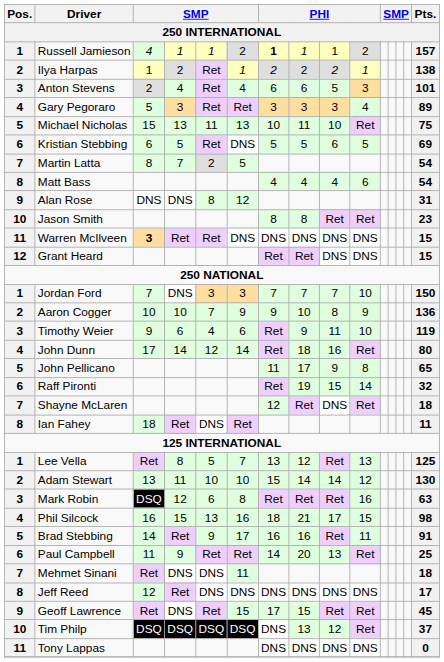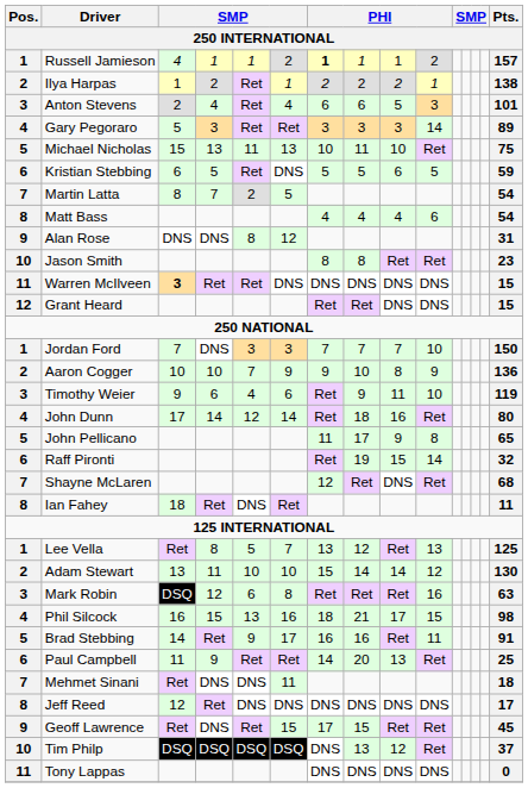 <table class="wikitable" style="font-size: 85%; text-align: center;">
 <tr>
 <th>Pos.</th>
 <th>Driver</th>
 <th colspan="4"><a href='#'>SMP</a><br></th>
 <th colspan="4"><a href='#'>PHI</a><br></th>
 <th colspan="4"><a href='#'>SMP</a><br></th>
 <th>Pts.</th>
 </tr>
 <tr>
 <th colspan=15><strong>250 INTERNATIONAL</strong></th>
 </tr>
 <tr>
 <th>1</th>
 <td align="left">Russell Jamieson</td>
 <td style="background:#dfffdf;"><em>4</em></td>
 <td style="background:#ffffbf;"><em>1</em></td>
 <td style="background:#ffffbf;"><em>1</em></td>
 <td style="background:#dfdfdf;">2</td>
 <td style="background:#ffffbf;"><strong>1</strong></td>
 <td style="background:#ffffbf;"><em>1</em></td>
 <td style="background:#ffffbf;">1</td>
 <td style="background:#dfdfdf;">2</td>
 <td></td>
 <td></td>
 <td></td>
 <td></td>
 <th>157</th>
 </tr>
 <tr>
 <th>2</th>
 <td align="left">Ilya Harpas</td>
 <td style="background:#ffffbf;">1</td>
 <td style="background:#dfdfdf;">2</td>
 <td style="background:#efcfff;">Ret</td>
 <td style="background:#ffffbf;"><em>1</em></td>
 <td style="background:#dfdfdf;"><em>2</em></td>
 <td style="background:#dfdfdf;">2</td>
 <td style="background:#dfdfdf;"><em>2</em></td>
 <td style="background:#ffffbf;"><em>1</em></td>
 <td></td>
 <td></td>
 <td></td>
 <td></td>
 <th>138</th>
 </tr>
 <tr>
 <th>3</th>
 <td align="left">Anton Stevens</td>
 <td style="background:#dfdfdf;">2</td>
 <td style="background:#dfffdf;">4</td>
 <td style="background:#efcfff;">Ret</td>
 <td style="background:#dfffdf;">4</td>
 <td style="background:#dfffdf;">6</td>
 <td style="background:#dfffdf;">6</td>
 <td style="background:#dfffdf;">5</td>
 <td style="background:#ffdf9f;">3</td>
 <td></td>
 <td></td>
 <td></td>
 <td></td>
 <th>101</th>
 </tr>
 <tr>
 <th>4</th>
 <td align="left">Gary Pegoraro</td>
 <td style="background:#dfffdf;">5</td>
 <td style="background:#ffdf9f;">3</td>
 <td style="background:#efcfff;">Ret</td>
 <td style="background:#efcfff;">Ret</td>
 <td style="background:#ffdf9f;">3</td>
 <td style="background:#ffdf9f;">3</td>
 <td style="background:#ffdf9f;">3</td>
-<td style="background:#dfffdf;">4</td>
+<td style="background:#dfffdf;">14</td>
 <td></td>
 <td></td>
 <td></td>
 <td></td>
 <th>89</th>
 </tr>
 <tr>
 <th>5</th>
 <td align="left">Michael Nicholas</td>
 <td style="background:#dfffdf;">15</td>
 <td style="background:#dfffdf;">13</td>
 <td style="background:#dfffdf;">11</td>
 <td style="background:#dfffdf;">13</td>
 <td style="background:#dfffdf;">10</td>
 <td style="background:#dfffdf;">11</td>
 <td style="background:#dfffdf;">10</td>
 <td style="background:#efcfff;">Ret</td>
 <td></td>
 <td></td>
 <td></td>
 <td></td>
 <th>75</th>
 </tr>
 <tr>
 <th>6</th>
 <td align="left">Kristian Stebbing</td>
 <td style="background:#dfffdf;">6</td>
 <td style="background:#dfffdf;">5</td>
 <td style="background:#efcfff;">Ret</td>
 <td style="background:#ffffff;">DNS</td>
 <td style="background:#dfffdf;">5</td>
 <td style="background:#dfffdf;">5</td>
 <td style="background:#dfffdf;">6</td>
 <td style="background:#dfffdf;">5</td>
 <td></td>
 <td></td>
 <td></td>
 <td></td>
-<th>69</th>
+<th>59</th>
 </tr>
 <tr>
 <th>7</th>
 <td align="left">Martin Latta</td>
 <td style="background:#dfffdf;">8</td>
 <td style="background:#dfffdf;">7</td>
 <td style="background:#dfdfdf;">2</td>
 <td style="background:#dfffdf;">5</td>
 <td></td>
 <td></td>
 <td></td>
 <td></td>
 <td></td>
 <td></td>
 <td></td>
 <td></td>
 <th>54</th>
 </tr>
 <tr>
 <th>8</th>
 <td align="left">Matt Bass</td>
 <td></td>
 <td></td>
 <td></td>
 <td></td>
 <td style="background:#dfffdf;">4</td>
 <td style="background:#dfffdf;">4</td>
 <td style="background:#dfffdf;">4</td>
 <td style="background:#dfffdf;">6</td>
 <td></td>
 <td></td>
 <td></td>
 <td></td>
 <th>54</th>
 </tr>
 <tr>
 <th>9</th>
 <td align="left">Alan Rose</td>
 <td style="background:#ffffff;">DNS</td>
 <td style="background:#ffffff;">DNS</td>
 <td style="background:#dfffdf;">8</td>
 <td style="background:#dfffdf;">12</td>
 <td></td>
 <td></td>
 <td></td>
 <td></td>
 <td></td>
 <td></td>
 <td></td>
 <td></td>
 <th>31</th>
 </tr>
 <tr>
 <th>10</th>
 <td align="left">Jason Smith</td>
 <td></td>
 <td></td>
 <td></td>
 <td></td>
 <td style="background:#dfffdf;">8</td>
 <td style="background:#dfffdf;">8</td>
 <td style="background:#efcfff;">Ret</td>
 <td style="background:#efcfff;">Ret</td>
 <td></td>
 <td></td>
 <td></td>
 <td></td>
 <th>23</th>
 </tr>
 <tr>
 <th>11</th>
 <td align="left">Warren McIlveen</td>
 <td style="background:#ffdf9f;"><strong>3</strong></td>
 <td style="background:#efcfff;">Ret</td>
 <td style="background:#efcfff;">Ret</td>
 <td style="background:#ffffff;">DNS</td>
 <td style="background:#ffffff;">DNS</td>
 <td style="background:#ffffff;">DNS</td>
 <td style="background:#ffffff;">DNS</td>
 <td style="background:#ffffff;">DNS</td>
 <td></td>
 <td></td>
 <td></td>
 <td></td>
 <th>15</th>
 </tr>
 <tr>
 <th>12</th>
 <td align="left">Grant Heard</td>
 <td></td>
 <td></td>
 <td></td>
 <td></td>
 <td style="background:#efcfff;">Ret</td>
 <td style="background:#efcfff;">Ret</td>
 <td style="background:#ffffff;">DNS</td>
 <td style="background:#ffffff;">DNS</td>
 <td></td>
 <td></td>
 <td></td>
 <td></td>
 <th>15</th>
 </tr>
 <tr>
 <td colspan=15><strong>250 NATIONAL</strong></td>
 </tr>
 <tr>
 <th>1</th>
 <td align="left">Jordan Ford</td>
 <td style="background:#dfffdf;">7</td>
 <td style="background:#ffffff;">DNS</td>
 <td style="background:#ffdf9f;">3</td>
 <td style="background:#ffdf9f;">3</td>
 <td style="background:#dfffdf;">7</td>
 <td style="background:#dfffdf;">7</td>
 <td style="background:#dfffdf;">7</td>
 <td style="background:#dfffdf;">10</td>
 <td></td>
 <td></td>
 <td></td>
 <td></td>
 <th>150</th>
 </tr>
 <tr>
 <th>2</th>
 <td align="left">Aaron Cogger</td>
 <td style="background:#dfffdf;">10</td>
 <td style="background:#dfffdf;">10</td>
 <td style="background:#dfffdf;">7</td>
 <td style="background:#dfffdf;">9</td>
 <td style="background:#dfffdf;">9</td>
 <td style="background:#dfffdf;">10</td>
 <td style="background:#dfffdf;">8</td>
 <td style="background:#dfffdf;">9</td>
 <td></td>
 <td></td>
 <td></td>
 <td></td>
 <th>136</th>
 </tr>
 <tr>
 <th>3</th>
 <td align="left">Timothy Weier</td>
 <td style="background:#dfffdf;">9</td>
 <td style="background:#dfffdf;">6</td>
 <td style="background:#dfffdf;">4</td>
 <td style="background:#dfffdf;">6</td>
 <td style="background:#efcfff;">Ret</td>
 <td style="background:#dfffdf;">9</td>
 <td style="background:#dfffdf;">11</td>
 <td style="background:#dfffdf;">10</td>
 <td></td>
 <td></td>
 <td></td>
 <td></td>
 <th>119</th>
 </tr>
 <tr>
 <th>4</th>
 <td align="left">John Dunn</td>
 <td style="background:#dfffdf;">17</td>
 <td style="background:#dfffdf;">14</td>
 <td style="background:#dfffdf;">12</td>
 <td style="background:#dfffdf;">14</td>
 <td style="background:#efcfff;">Ret</td>
 <td style="background:#dfffdf;">18</td>
 <td style="background:#dfffdf;">16</td>
 <td style="background:#efcfff;">Ret</td>
 <td></td>
 <td></td>
 <td></td>
 <td></td>
 <th>80</th>
 </tr>
 <tr>
 <th>5</th>
 <td align="left">John Pellicano</td>
 <td></td>
 <td></td>
 <td></td>
 <td></td>
 <td style="background:#dfffdf;">11</td>
 <td style="background:#dfffdf;">17</td>
 <td style="background:#dfffdf;">9</td>
 <td style="background:#dfffdf;">8</td>
 <td></td>
 <td></td>
 <td></td>
 <td></td>
 <th>65</th>
 </tr>
 <tr>
 <th>6</th>
 <td align="left">Raff Pironti</td>
 <td></td>
 <td></td>
 <td></td>
 <td></td>
 <td style="background:#efcfff;">Ret</td>
 <td style="background:#dfffdf;">19</td>
 <td style="background:#dfffdf;">15</td>
 <td style="background:#dfffdf;">14</td>
 <td></td>
 <td></td>
 <td></td>
 <td></td>
 <th>32</th>
 </tr>
 <tr>
 <th>7</th>
 <td align="left">Shayne McLaren</td>
 <td></td>
 <td></td>
 <td></td>
 <td></td>
 <td style="background:#dfffdf;">12</td>
 <td style="background:#efcfff;">Ret</td>
 <td style="background:#ffffff;">DNS</td>
 <td style="background:#efcfff;">Ret</td>
 <td></td>
 <td></td>
 <td></td>
 <td></td>
-<th>18</th>
+<th>68</th>
 </tr>
 <tr>
 <th>8</th>
 <td align="left">Ian Fahey</td>
 <td style="background:#dfffdf;">18</td>
 <td style="background:#efcfff;">Ret</td>
 <td style="background:#ffffff;">DNS</td>
 <td style="background:#efcfff;">Ret</td>
 <td></td>
 <td></td>
 <td></td>
 <td></td>
 <td></td>
 <td></td>
 <td></td>
 <td></td>
 <th>11</th>
 </tr>
 <tr>
 <td colspan=15><strong>125 INTERNATIONAL</strong></td>
 </tr>
 <tr>
 <th>1</th>
 <td align="left">Lee Vella</td>
 <td style="background:#efcfff;">Ret</td>
 <td style="background:#dfffdf;">8</td>
 <td style="background:#dfffdf;">5</td>
 <td style="background:#dfffdf;">7</td>
 <td style="background:#dfffdf;">13</td>
 <td style="background:#dfffdf;">12</td>
 <td style="background:#efcfff;">Ret</td>
 <td style="background:#dfffdf;">13</td>
 <td></td>
 <td></td>
 <td></td>
 <td></td>
 <th>125</th>
 </tr>
 <tr>
 <th>2</th>
 <td align="left">Adam Stewart</td>
 <td style="background:#dfffdf;">13</td>
 <td style="background:#dfffdf;">11</td>
 <td style="background:#dfffdf;">10</td>
 <td style="background:#dfffdf;">10</td>
 <td style="background:#dfffdf;">15</td>
 <td style="background:#dfffdf;">14</td>
 <td style="background:#dfffdf;">14</td>
 <td style="background:#dfffdf;">12</td>
 <td></td>
 <td></td>
 <td></td>
 <td></td>
 <th>130</th>
 </tr>
 <tr>
 <th>3</th>
 <td align="left">Mark Robin</td>
 <td style="background:#000000; color:white;">DSQ</td>
 <td style="background:#dfffdf;">12</td>
 <td style="background:#dfffdf;">6</td>
 <td style="background:#dfffdf;">8</td>
 <td style="background:#efcfff;">Ret</td>
 <td style="background:#efcfff;">Ret</td>
 <td style="background:#efcfff;">Ret</td>
 <td style="background:#dfffdf;">16</td>
 <td></td>
 <td></td>
 <td></td>
 <td></td>
 <th>63</th>
 </tr>
 <tr>
 <th>4</th>
 <td align="left">Phil Silcock</td>
 <td style="background:#dfffdf;">16</td>
 <td style="background:#dfffdf;">15</td>
 <td style="background:#dfffdf;">13</td>
 <td style="background:#dfffdf;">16</td>
 <td style="background:#dfffdf;">18</td>
 <td style="background:#dfffdf;">21</td>
 <td style="background:#dfffdf;">17</td>
 <td style="background:#dfffdf;">15</td>
 <td></td>
 <td></td>
 <td></td>
 <td></td>
 <th>98</th>
 </tr>
 <tr>
 <th>5</th>
 <td align="left">Brad Stebbing</td>
 <td style="background:#dfffdf;">14</td>
 <td style="background:#efcfff;">Ret</td>
 <td style="background:#dfffdf;">9</td>
 <td style="background:#dfffdf;">17</td>
 <td style="background:#dfffdf;">16</td>
 <td style="background:#dfffdf;">16</td>
 <td style="background:#efcfff;">Ret</td>
 <td style="background:#dfffdf;">11</td>
 <td></td>
 <td></td>
 <td></td>
 <td></td>
 <th>91</th>
 </tr>
 <tr>
 <th>6</th>
 <td align="left">Paul Campbell</td>
 <td style="background:#dfffdf;">11</td>
 <td style="background:#dfffdf;">9</td>
 <td style="background:#efcfff;">Ret</td>
 <td style="background:#efcfff;">Ret</td>
 <td style="background:#dfffdf;">14</td>
 <td style="background:#dfffdf;">20</td>
 <td style="background:#dfffdf;">13</td>
 <td style="background:#efcfff;">Ret</td>
 <td></td>
 <td></td>
 <td></td>
 <td></td>
 <th>25</th>
 </tr>
 <tr>
 <th>7</th>
 <td align="left">Mehmet Sinani</td>
 <td style="background:#efcfff;">Ret</td>
 <td style="background:#ffffff;">DNS</td>
 <td style="background:#ffffff;">DNS</td>
 <td style="background:#dfffdf;">11</td>
 <td></td>
 <td></td>
 <td></td>
 <td></td>
 <td></td>
 <td></td>
 <td></td>
 <td></td>
 <th>18</th>
 </tr>
 <tr>
 <th>8</th>
 <td align="left">Jeff Reed</td>
 <td style="background:#dfffdf;">12</td>
 <td style="background:#efcfff;">Ret</td>
 <td style="background:#ffffff;">DNS</td>
 <td style="background:#ffffff;">DNS</td>
 <td style="background:#ffffff;">DNS</td>
 <td style="background:#ffffff;">DNS</td>
 <td style="background:#ffffff;">DNS</td>
 <td style="background:#ffffff;">DNS</td>
 <td></td>
 <td></td>
 <td></td>
 <td></td>
 <th>17</th>
 </tr>
 <tr>
 <th>9</th>
 <td align="left">Geoff Lawrence</td>
 <td style="background:#efcfff;">Ret</td>
 <td style="background:#ffffff;">DNS</td>
 <td style="background:#efcfff;">Ret</td>
 <td style="background:#dfffdf;">15</td>
 <td style="background:#dfffdf;">17</td>
 <td style="background:#dfffdf;">15</td>
 <td style="background:#efcfff;">Ret</td>
 <td style="background:#efcfff;">Ret</td>
 <td></td>
 <td></td>
 <td></td>
 <td></td>
 <th>45</th>
 </tr>
 <tr>
 <th>10</th>
 <td align="left">Tim Philp</td>
 <td style="background:#000000; color:white;">DSQ</td>
 <td style="background:#000000; color:white;">DSQ</td>
 <td style="background:#000000; color:white;">DSQ</td>
 <td style="background:#000000; color:white;">DSQ</td>
 <td style="background:#ffffff;">DNS</td>
 <td style="background:#dfffdf;">13</td>
 <td style="background:#dfffdf;">12</td>
 <td style="background:#efcfff;">Ret</td>
 <td></td>
 <td></td>
 <td></td>
 <td></td>
 <th>37</th>
 </tr>
 <tr>
 <th>11</th>
 <td align="left">Tony Lappas</td>
 <td></td>
 <td></td>
 <td></td>
 <td></td>
 <td style="background:#ffffff;">DNS</td>
 <td style="background:#ffffff;">DNS</td>
 <td style="background:#ffffff;">DNS</td>
 <td style="background:#ffffff;">DNS</td>
 <td></td>
 <td></td>
 <td></td>
 <td></td>
 <th>0</th>
 </tr>
 <tr>
 </tr>
 </table>
